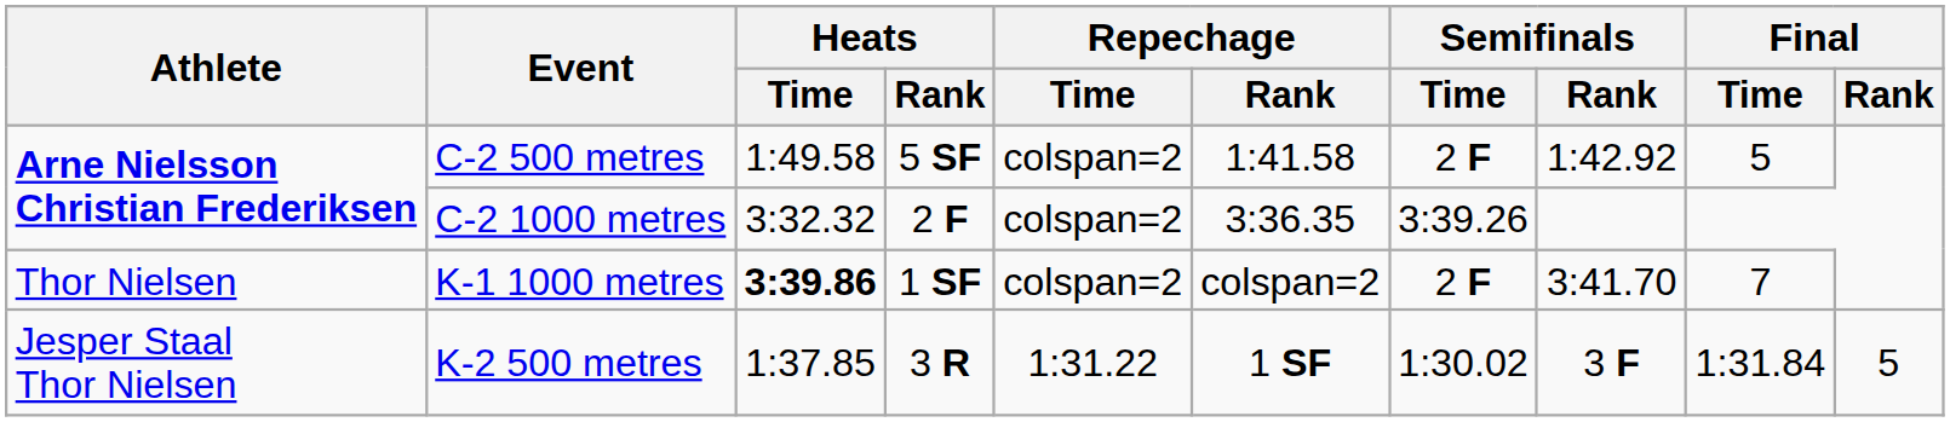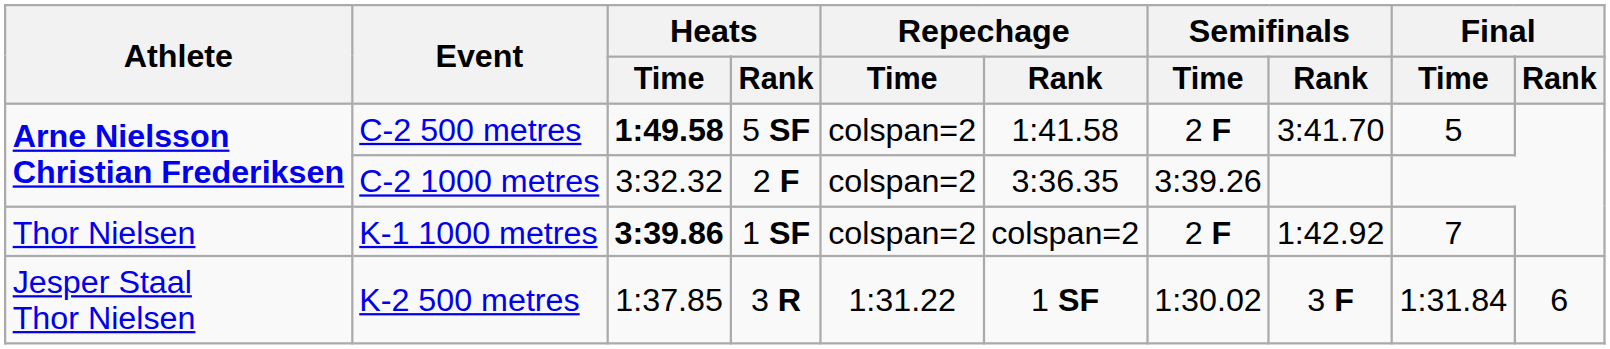 <table class=wikitable style="font-size:90%">
 <tr>
 <th rowspan="2">Athlete</th>
 <th rowspan="2">Event</th>
 <th colspan=2>Heats</th>
 <th colspan=2>Repechage</th>
 <th colspan=2>Semifinals</th>
 <th colspan=2>Final</th>
 </tr>
 <tr style="font-size:95%">
 <th>Time</th>
 <th>Rank</th>
 <th>Time</th>
 <th>Rank</th>
 <th>Time</th>
 <th>Rank</th>
 <th>Time</th>
 <th>Rank</th>
 </tr>
 <tr align=center>
 <td align=left rowspan=2><strong><a href='#'>Arne Nielsson</a><br><a href='#'>Christian Frederiksen</a></strong></td>
 <td align=left><a href='#'>C-2 500 metres</a></td>
-<td>1:49.58</td>
+<td><strong>1:49.58</strong></td>
 <td>5 <strong>SF</strong></td>
 <td>colspan=2</td>
 <td>1:41.58</td>
 <td>2 <strong>F</strong></td>
-<td>1:42.92</td>
+<td>3:41.70</td>
 <td>5</td>
 </tr>
 <tr align=center>
 <td align=left><a href='#'>C-2 1000 metres</a></td>
 <td>3:32.32</td>
 <td>2 <strong>F</strong></td>
 <td>colspan=2</td>
 <td>3:36.35</td>
 <td>3:39.26</td>
 <td></td>
 </tr>
 <tr align=center>
 <td align=left><a href='#'>Thor Nielsen</a></td>
 <td align=left><a href='#'>K-1 1000 metres</a></td>
 <td><strong>3:39.86</strong></td>
 <td>1 <strong>SF</strong></td>
 <td>colspan=2</td>
 <td>colspan=2</td>
 <td>2 <strong>F</strong></td>
-<td>3:41.70</td>
+<td>1:42.92</td>
 <td>7</td>
 </tr>
 <tr align=center>
 <td align=left><a href='#'>Jesper Staal</a><br><a href='#'>Thor Nielsen</a></td>
 <td align=left><a href='#'>K-2 500 metres</a></td>
 <td>1:37.85</td>
 <td>3 <strong>R</strong></td>
 <td>1:31.22</td>
 <td>1 <strong>SF</strong></td>
 <td>1:30.02</td>
 <td>3 <strong>F</strong></td>
 <td>1:31.84</td>
-<td>5</td>
+<td>6</td>
 </tr>
 </table>
